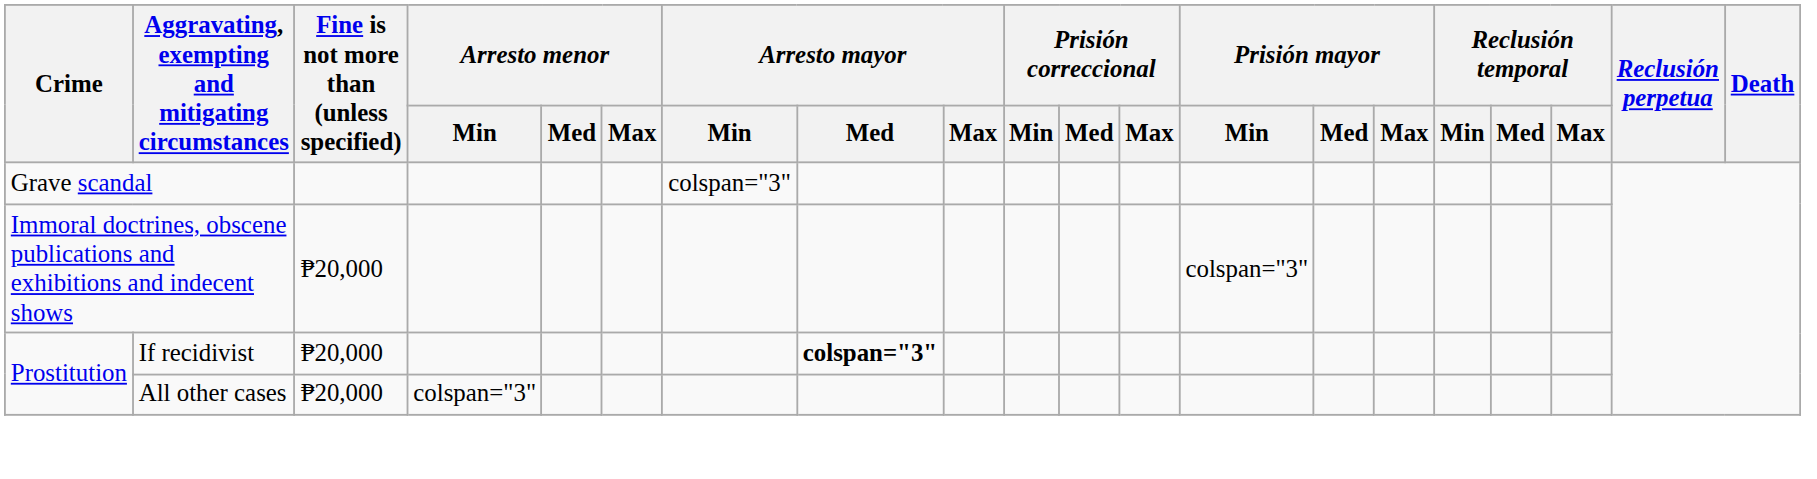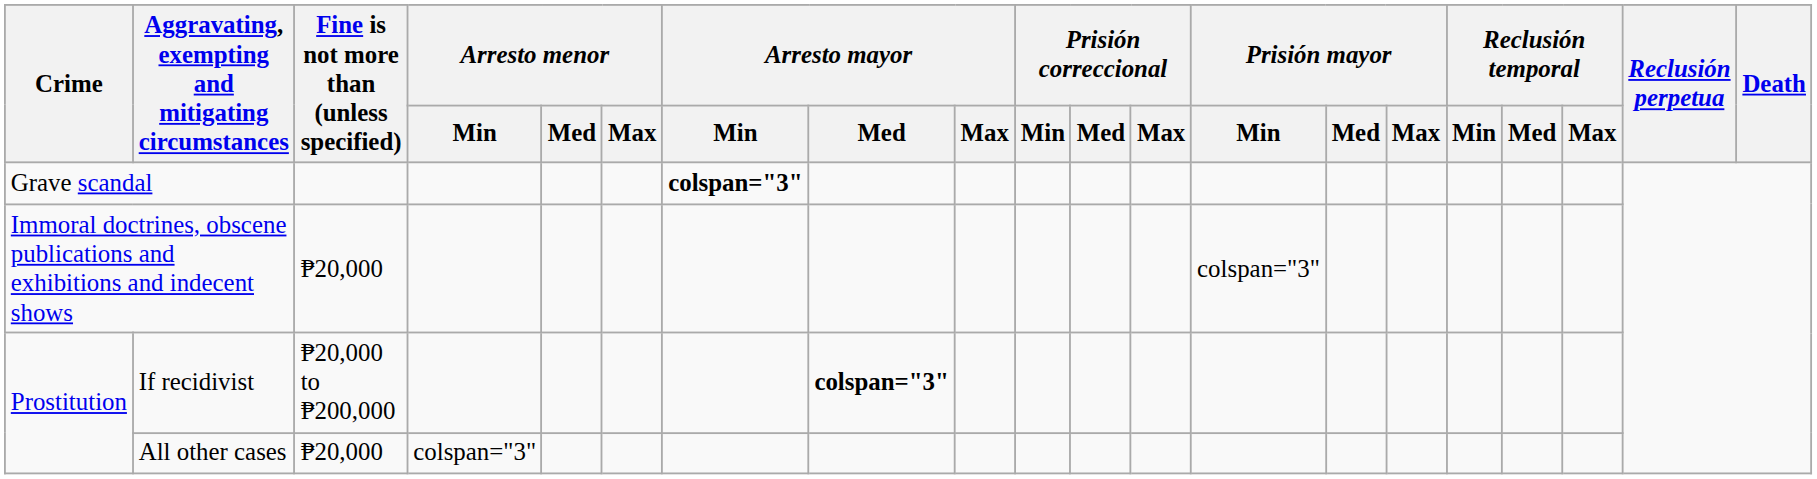 <table class="wikitable" style="font-size:85%;" width="100%">
 <tr>
 <th rowspan="2">Crime</th>
 <th rowspan="2"><a href='#'>Aggravating</a>, <a href='#'>exempting and mitigating circumstances</a></th>
 <th rowspan="2"><a href='#'>Fine</a> is not more than (unless specified)</th>
 <th colspan="3"><em>Arresto menor</em></th>
 <th colspan="3"><em>Arresto mayor</em></th>
 <th colspan="3"><em>Prisión correccional</em></th>
 <th colspan="3"><em>Prisión mayor</em></th>
 <th colspan="3"><em>Reclusión temporal</em></th>
 <th rowspan="2"><em><a href='#'>Reclusión perpetua</a></em></th>
 <th rowspan="2"><a href='#'>Death</a></th>
 </tr>
 <tr>
 <th>Min</th>
 <th>Med</th>
 <th>Max</th>
 <th>Min</th>
 <th>Med</th>
 <th>Max</th>
 <th>Min</th>
 <th>Med</th>
 <th>Max</th>
 <th>Min</th>
 <th>Med</th>
 <th>Max</th>
 <th>Min</th>
 <th>Med</th>
 <th>Max</th>
 </tr>
 <tr>
 <td colspan="2">Grave <a href='#'>scandal</a></td>
 <td></td>
 <td></td>
 <td></td>
 <td></td>
-<td>colspan="3" </td>
+<td><strong>colspan="3" </strong></td>
 <td></td>
 <td></td>
 <td></td>
 <td></td>
 <td></td>
 <td></td>
 <td></td>
 <td></td>
 <td></td>
 <td></td>
 <td></td>
 </tr>
 <tr>
 <td colspan="2"><a href='#'>Immoral doctrines, obscene publications and exhibitions and indecent shows</a></td>
 <td>₱20,000</td>
 <td></td>
 <td></td>
 <td></td>
 <td></td>
 <td></td>
 <td></td>
 <td></td>
 <td></td>
 <td></td>
 <td>colspan="3" </td>
 <td></td>
 <td></td>
 <td></td>
 <td></td>
 <td></td>
 </tr>
 <tr>
 <td rowspan="2"><a href='#'>Prostitution</a></td>
 <td>If recidivist</td>
-<td>₱20,000</td>
+<td>₱20,000 to ₱200,000</td>
 <td></td>
 <td></td>
 <td></td>
 <td></td>
 <td><strong>colspan="3" </strong></td>
 <td></td>
 <td></td>
 <td></td>
 <td></td>
 <td></td>
 <td></td>
 <td></td>
 <td></td>
 <td></td>
 <td></td>
 </tr>
 <tr>
 <td>All other cases</td>
 <td>₱20,000</td>
 <td>colspan="3" </td>
 <td></td>
 <td></td>
 <td></td>
 <td></td>
 <td></td>
 <td></td>
 <td></td>
 <td></td>
 <td></td>
 <td></td>
 <td></td>
 <td></td>
 <td></td>
 <td></td>
 </tr>
 </table>
